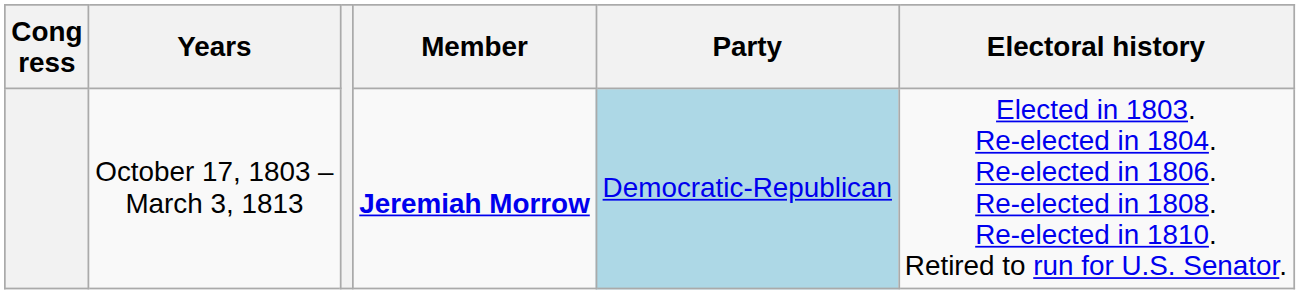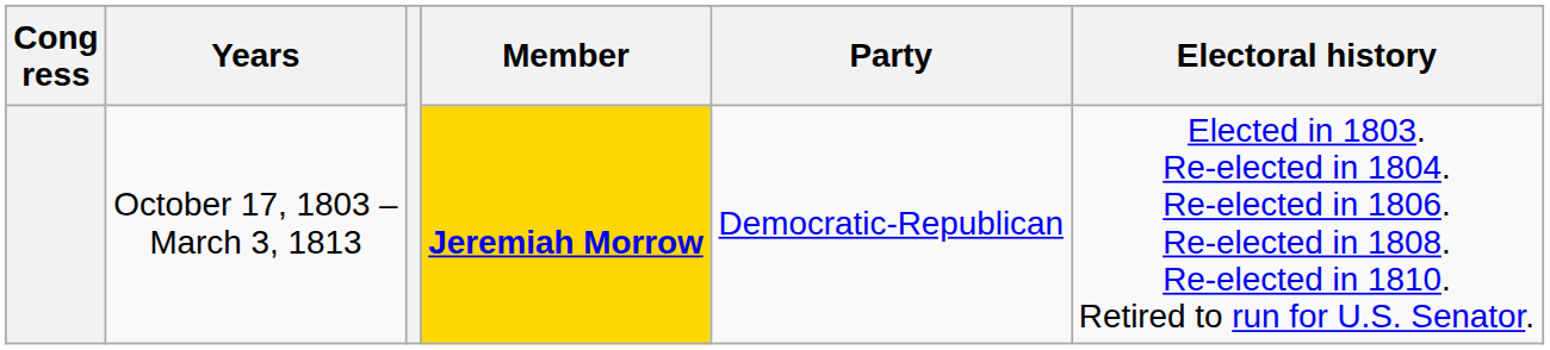 <table class=wikitable style="text-align:center">
 <tr style="height:3em">
 <th>Cong<br>ress</th>
 <th>Years</th>
 <th rowspan=6></th>
 <th>Member</th>
 <th>Party</th>
 <th>Electoral history</th>
 </tr>
 <tr style="height:3em">
 <th></th>
 <td nowrap>October 17, 1803 –<br>March 3, 1813</td>
-<td align=left><br><strong><a href='#'>Jeremiah Morrow</a></strong><br></td>
-<td style="background: lightblue;"><a href='#'>Democratic-Republican</a></td>
+<td align=left style="background: gold;"><br><strong><a href='#'>Jeremiah Morrow</a></strong><br></td>
+<td><a href='#'>Democratic-Republican</a></td>
 <td><a href='#'>Elected in 1803</a>.<br><a href='#'>Re-elected in 1804</a>.<br><a href='#'>Re-elected in 1806</a>.<br><a href='#'>Re-elected in 1808</a>.<br><a href='#'>Re-elected in 1810</a>.<br>Retired to <a href='#'>run for U.S. Senator</a>.</td>
 </tr>
 </table>
